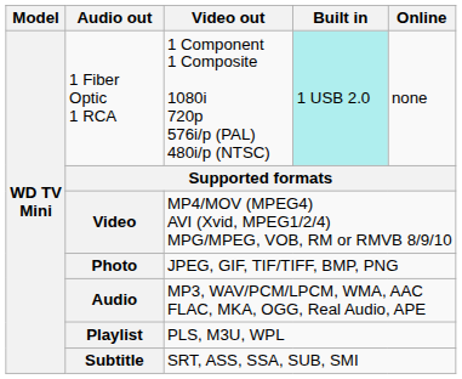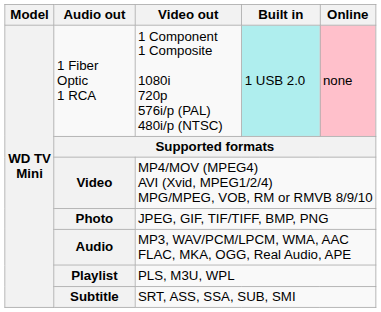 <table class="wikitable" style="margin:1em auto;">
 <tr>
 <th>Model</th>
 <th width=90>Audio out</th>
 <th>Video out</th>
 <th>Built in</th>
 <th>Online</th>
 </tr>
 <tr>
 <th rowspan="7"><strong>WD TV<br>Mini</strong></th>
 <td>1 Fiber Optic<br>1 RCA</td>
 <td>1 Component<br>1 Composite<br><br>1080i<br>720p<br>576i/p (PAL)<br>480i/p (NTSC)</td>
 <td style="background: paleturquoise;">1 USB 2.0</td>
-<td>none</td>
+<td style="background: pink;">none</td>
 </tr>
 <tr>
 <th colspan="4">Supported formats</th>
 </tr>
 <tr>
 <th>Video</th>
 <td colspan="3">MP4/MOV (MPEG4)<br>AVI (Xvid, MPEG1/2/4)<br>MPG/MPEG, VOB, RM or RMVB 8/9/10</td>
 </tr>
 <tr>
 <th>Photo</th>
 <td colspan="3">JPEG, GIF, TIF/TIFF, BMP, PNG</td>
 </tr>
 <tr>
 <th>Audio</th>
 <td colspan="3">MP3, WAV/PCM/LPCM, WMA, AAC<br>FLAC, MKA, OGG, Real Audio, APE</td>
 </tr>
 <tr>
 <th>Playlist</th>
 <td colspan="3">PLS, M3U, WPL</td>
 </tr>
 <tr>
 <th>Subtitle</th>
 <td colspan="3">SRT, ASS, SSA, SUB, SMI</td>
 </tr>
 </table>
